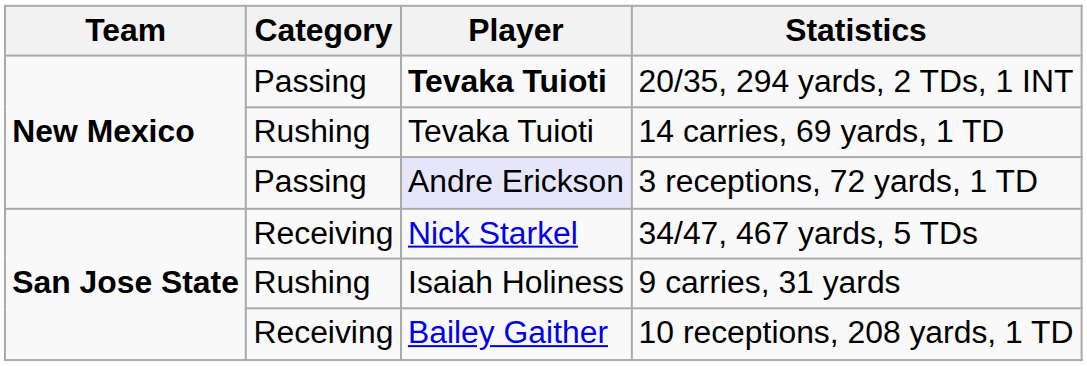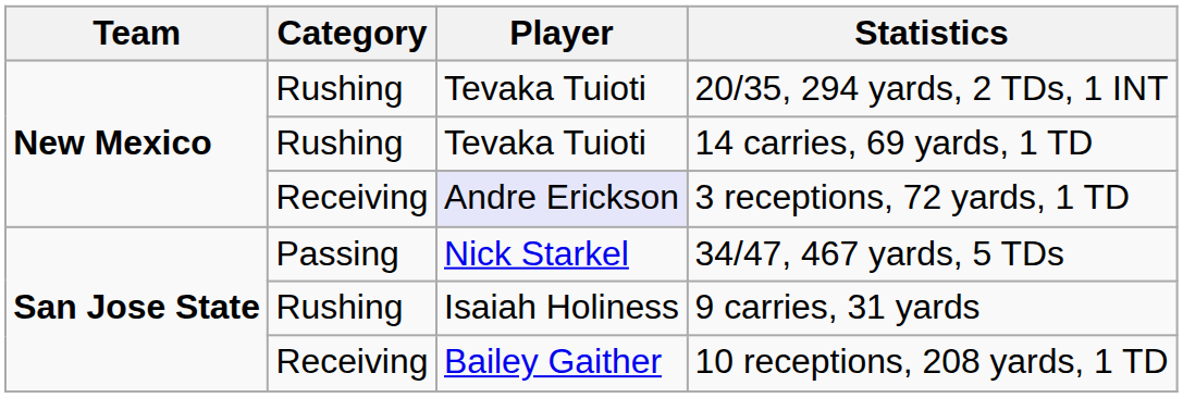 <table class="wikitable" style="float: left;">
 <tr>
 <th>Team</th>
 <th>Category</th>
 <th>Player</th>
 <th>Statistics</th>
 </tr>
 <tr>
 <td rowspan=3><strong>New Mexico</strong></td>
-<td>Passing</td>
-<td><strong>Tevaka Tuioti</strong></td>
+<td>Rushing</td>
+<td>Tevaka Tuioti</td>
 <td>20/35, 294 yards, 2 TDs, 1 INT</td>
 </tr>
 <tr>
 <td>Rushing</td>
 <td>Tevaka Tuioti</td>
 <td>14 carries, 69 yards, 1 TD</td>
 </tr>
 <tr>
-<td>Passing</td>
+<td>Receiving</td>
 <td style="background: lavender;">Andre Erickson</td>
 <td>3 receptions, 72 yards, 1 TD</td>
 </tr>
 <tr>
 <td rowspan=3><strong>San Jose State</strong></td>
-<td>Receiving</td>
+<td>Passing</td>
 <td><a href='#'>Nick Starkel</a></td>
 <td>34/47, 467 yards, 5 TDs</td>
 </tr>
 <tr>
 <td>Rushing</td>
 <td>Isaiah Holiness</td>
 <td>9 carries, 31 yards</td>
 </tr>
 <tr>
 <td>Receiving</td>
 <td><a href='#'>Bailey Gaither</a></td>
 <td>10 receptions, 208 yards, 1 TD</td>
 </tr>
 </table>
